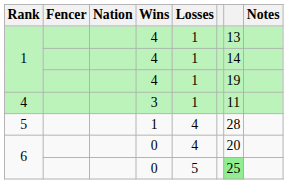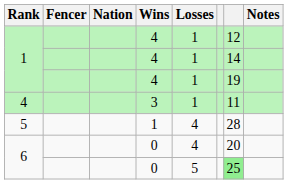 <table class="wikitable sortable" style="text-align: center;">
 <tr>
 <th>Rank</th>
 <th>Fencer</th>
 <th>Nation</th>
 <th>Wins</th>
 <th>Losses</th>
 <th></th>
 <th></th>
 <th>Notes</th>
 </tr>
 <tr style="background:#bbf3bb;">
 <td rowspan=3>1</td>
 <td align=left></td>
 <td align=left></td>
 <td>4</td>
 <td>1</td>
 <td></td>
-<td>13</td>
+<td>12</td>
 <td></td>
 </tr>
 <tr style="background:#bbf3bb;">
 <td align=left></td>
 <td align=left></td>
 <td>4</td>
 <td>1</td>
 <td></td>
 <td>14</td>
 <td></td>
 </tr>
 <tr style="background:#bbf3bb;">
 <td align=left></td>
 <td align=left></td>
 <td>4</td>
 <td>1</td>
 <td></td>
 <td>19</td>
 <td></td>
 </tr>
 <tr style="background:#bbf3bb;">
 <td>4</td>
 <td align=left></td>
 <td align=left></td>
 <td>3</td>
 <td>1</td>
 <td></td>
 <td>11</td>
 <td></td>
 </tr>
 <tr>
 <td>5</td>
 <td align=left></td>
 <td align=left></td>
 <td>1</td>
 <td>4</td>
 <td></td>
 <td>28</td>
 <td></td>
 </tr>
 <tr>
 <td rowspan=2>6</td>
 <td align=left></td>
 <td align=left></td>
 <td>0</td>
 <td>4</td>
 <td></td>
 <td>20</td>
 <td></td>
 </tr>
 <tr>
 <td align=left></td>
 <td align=left></td>
 <td>0</td>
 <td>5</td>
 <td></td>
 <td style="background: lightgreen;">25</td>
 <td></td>
 </tr>
 </table>
